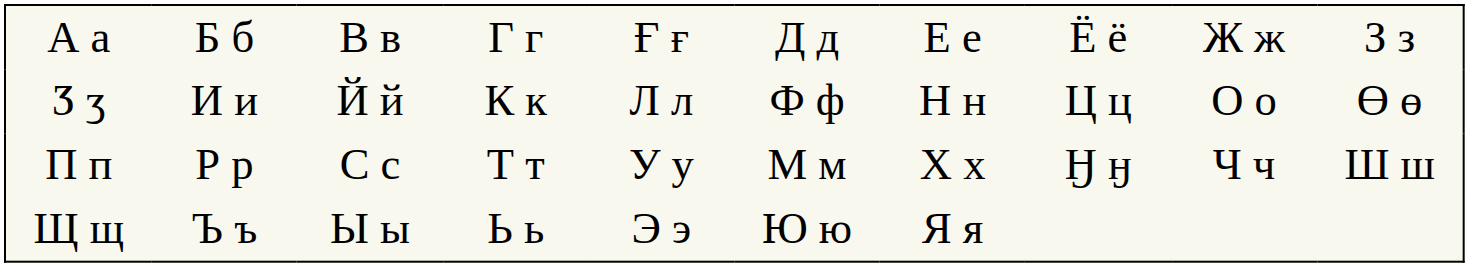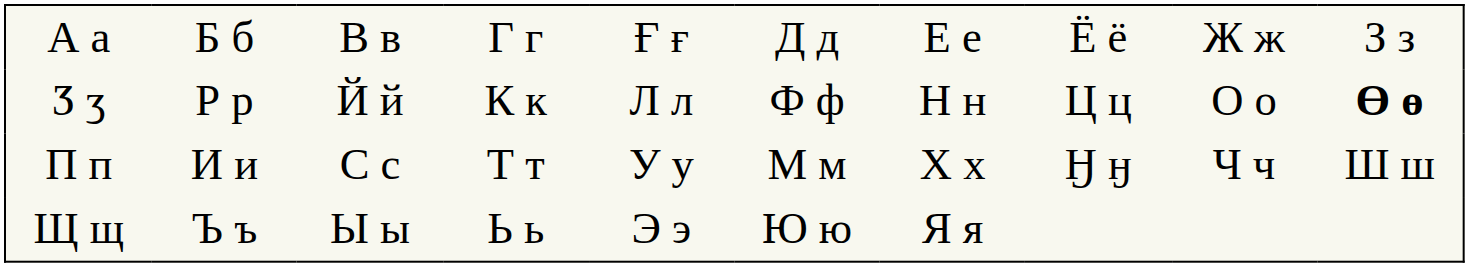 <table style="font-family:Arial Unicode MS; font-size:1.4em; border-color:#000000; border-width:1px; border-style:solid; border-collapse:collapse; background-color:#F8F8EF">
 <tr>
 <td style="width:3em; text-align:center; padding: 3px;">А а</td>
 <td style="width:3em; text-align:center; padding: 3px;">Б б</td>
 <td style="width:3em; text-align:center; padding: 3px;">В в</td>
 <td style="width:3em; text-align:center; padding: 3px;">Г г</td>
 <td style="width:3em; text-align:center; padding: 3px;">Ғ ғ</td>
 <td style="width:3em; text-align:center; padding: 3px;">Д д</td>
 <td style="width:3em; text-align:center; padding: 3px;">Е е</td>
 <td style="width:3em; text-align:center; padding: 3px;">Ё ё</td>
 <td style="width:3em; text-align:center; padding: 3px;">Ж ж</td>
 <td style="width:3em; text-align:center; padding: 3px;">З з</td>
 </tr>
 <tr>
 <td style="width:3em; text-align:center; padding: 3px;">Ӡ ӡ</td>
-<td style="width:3em; text-align:center; padding: 3px;">И и</td>
+<td style="width:3em; text-align:center; padding: 3px;">Р р</td>
 <td style="width:3em; text-align:center; padding: 3px;">Й й</td>
 <td style="width:3em; text-align:center; padding: 3px;">К к</td>
 <td style="width:3em; text-align:center; padding: 3px;">Л л</td>
 <td style="width:3em; text-align:center; padding: 3px;">Ф ф</td>
 <td style="width:3em; text-align:center; padding: 3px;">Н н</td>
 <td style="width:3em; text-align:center; padding: 3px;">Ц ц</td>
 <td style="width:3em; text-align:center; padding: 3px;">О о</td>
-<td style="width:3em; text-align:center; padding: 3px;">Ө ө</td>
+<td style="width:3em; text-align:center; padding: 3px;"><strong>Ө ө</strong></td>
 </tr>
 <tr>
 <td style="width:3em; text-align:center; padding: 3px;">П п</td>
-<td style="width:3em; text-align:center; padding: 3px;">Р р</td>
+<td style="width:3em; text-align:center; padding: 3px;">И и</td>
 <td style="width:3em; text-align:center; padding: 3px;">С с</td>
 <td style="width:3em; text-align:center; padding: 3px;">Т т</td>
 <td style="width:3em; text-align:center; padding: 3px;">У у</td>
 <td style="width:3em; text-align:center; padding: 3px;">М м</td>
 <td style="width:3em; text-align:center; padding: 3px;">Х х</td>
 <td style="width:3em; text-align:center; padding: 3px;">Ӈ ӈ</td>
 <td style="width:3em; text-align:center; padding: 3px;">Ч ч</td>
 <td style="width:3em; text-align:center; padding: 3px;">Ш ш</td>
 </tr>
 <tr>
 <td style="width:3em; text-align:center; padding: 3px;">Щ щ</td>
 <td style="width:3em; text-align:center; padding: 3px;">Ъ ъ</td>
 <td style="width:3em; text-align:center; padding: 3px;">Ы ы</td>
 <td style="width:3em; text-align:center; padding: 3px;">Ь ь</td>
 <td style="width:3em; text-align:center; padding: 3px;">Э э</td>
 <td style="width:3em; text-align:center; padding: 3px;">Ю ю</td>
 <td style="width:3em; text-align:center; padding: 3px;">Я я</td>
 </tr>
 </table>
